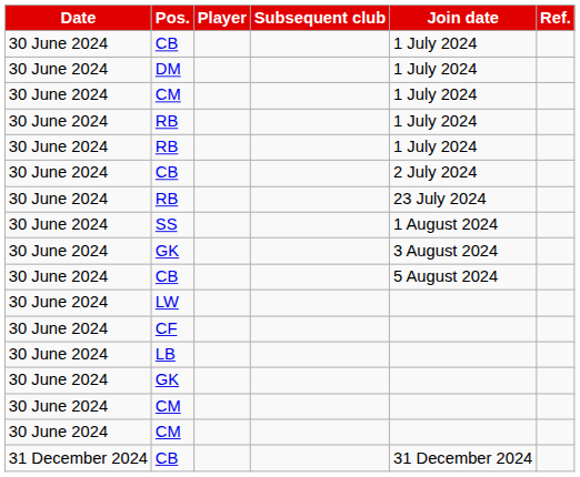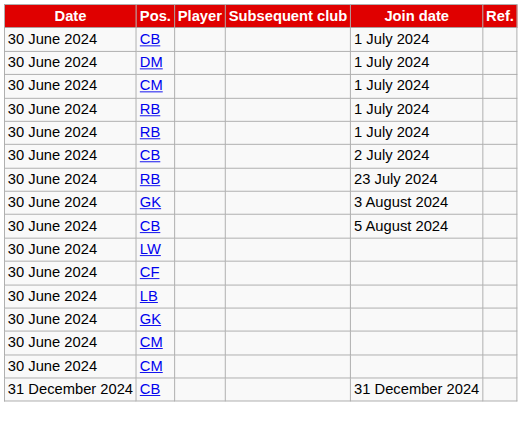 <table class="wikitable plainrowheaders sortable">
 <tr>
 <th style="background:#E00000; color:#ffffff; ">Date</th>
 <th style="background:#E00000; color:#ffffff; ">Pos.</th>
 <th style="background:#E00000; color:#ffffff; ">Player</th>
 <th style="background:#E00000; color:#ffffff; ">Subsequent club</th>
 <th style="background:#E00000; color:#ffffff; ">Join date</th>
 <th style="background:#E00000; color:#ffffff; ">Ref.</th>
 </tr>
 <tr>
 <td>30 June 2024</td>
 <td><a href='#'>CB</a></td>
 <td></td>
 <td></td>
 <td>1 July 2024</td>
 <td></td>
 </tr>
 <tr>
 <td>30 June 2024</td>
 <td><a href='#'>DM</a></td>
 <td></td>
 <td></td>
 <td>1 July 2024</td>
 <td></td>
 </tr>
 <tr>
 <td>30 June 2024</td>
 <td><a href='#'>CM</a></td>
 <td></td>
 <td></td>
 <td>1 July 2024</td>
 <td></td>
 </tr>
 <tr>
 <td>30 June 2024</td>
 <td><a href='#'>RB</a></td>
 <td></td>
 <td></td>
 <td>1 July 2024</td>
 <td></td>
 </tr>
 <tr>
 <td>30 June 2024</td>
 <td><a href='#'>RB</a></td>
 <td></td>
 <td></td>
 <td>1 July 2024</td>
 <td></td>
 </tr>
 <tr>
 <td>30 June 2024</td>
 <td><a href='#'>CB</a></td>
 <td></td>
 <td></td>
 <td>2 July 2024</td>
 <td></td>
 </tr>
 <tr>
 <td>30 June 2024</td>
 <td><a href='#'>RB</a></td>
 <td></td>
 <td></td>
 <td>23 July 2024</td>
-<td></td>
-</tr>
-<tr>
-<td>30 June 2024</td>
-<td><a href='#'>SS</a></td>
-<td></td>
-<td></td>
-<td>1 August 2024</td>
 <td></td>
 </tr>
 <tr>
 <td>30 June 2024</td>
 <td><a href='#'>GK</a></td>
 <td></td>
 <td></td>
 <td>3 August 2024</td>
 <td></td>
 </tr>
 <tr>
 <td>30 June 2024</td>
 <td><a href='#'>CB</a></td>
 <td></td>
 <td></td>
 <td>5 August 2024</td>
 <td></td>
 </tr>
 <tr>
 <td>30 June 2024</td>
 <td><a href='#'>LW</a></td>
 <td></td>
 <td></td>
 <td></td>
 <td></td>
 </tr>
 <tr>
 <td>30 June 2024</td>
 <td><a href='#'>CF</a></td>
 <td></td>
 <td></td>
 <td></td>
 <td></td>
 </tr>
 <tr>
 <td>30 June 2024</td>
 <td><a href='#'>LB</a></td>
 <td></td>
 <td></td>
 <td></td>
 <td></td>
 </tr>
 <tr>
 <td>30 June 2024</td>
 <td><a href='#'>GK</a></td>
 <td></td>
 <td></td>
 <td></td>
 <td></td>
 </tr>
 <tr>
 <td>30 June 2024</td>
 <td><a href='#'>CM</a></td>
 <td></td>
 <td></td>
 <td></td>
 <td></td>
 </tr>
 <tr>
 <td>30 June 2024</td>
 <td><a href='#'>CM</a></td>
 <td></td>
 <td></td>
 <td></td>
 <td></td>
 </tr>
 <tr>
 <td>31 December 2024</td>
 <td><a href='#'>CB</a></td>
 <td></td>
 <td></td>
 <td>31 December 2024</td>
 <td></td>
 </tr>
 </table>
